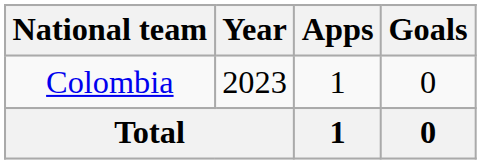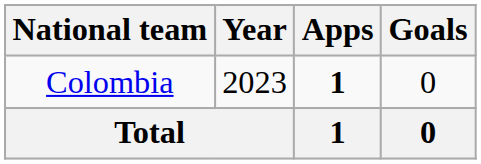 <table class=wikitable style=text-align:center>
 <tr>
 <th>National team</th>
 <th>Year</th>
 <th>Apps</th>
 <th>Goals</th>
 </tr>
 <tr>
 <td rowspan="1"><a href='#'>Colombia</a></td>
 <td>2023</td>
-<td>1</td>
+<td><strong>1</strong></td>
 <td>0</td>
 </tr>
 <tr>
 <th colspan="2">Total</th>
 <th>1</th>
 <th>0</th>
 </tr>
 </table>
